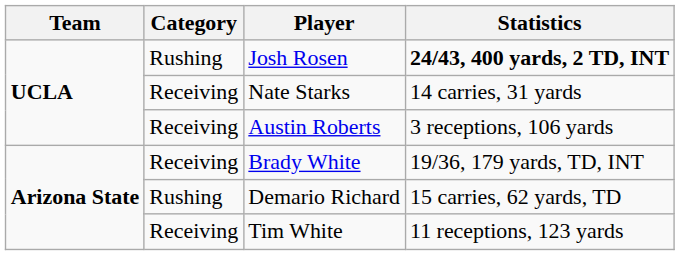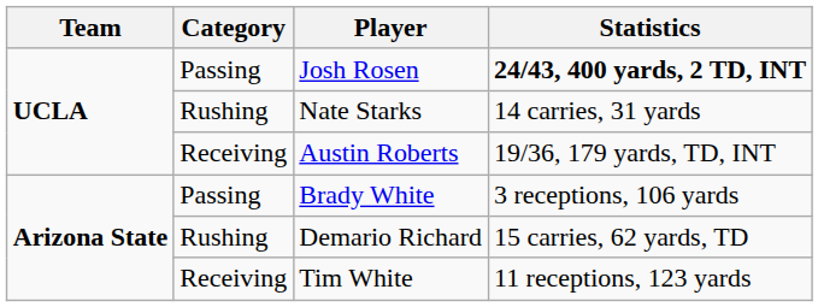 <table class="wikitable" style="float: right;">
 <tr>
 <th>Team</th>
 <th>Category</th>
 <th>Player</th>
 <th>Statistics</th>
 </tr>
 <tr>
 <td rowspan=3><strong>UCLA</strong></td>
-<td>Rushing</td>
+<td>Passing</td>
 <td><a href='#'>Josh Rosen</a></td>
 <td><strong>24/43, 400 yards, 2 TD, INT</strong></td>
 </tr>
 <tr>
-<td>Receiving</td>
+<td>Rushing</td>
 <td>Nate Starks</td>
 <td>14 carries, 31 yards</td>
 </tr>
 <tr>
 <td>Receiving</td>
 <td><a href='#'>Austin Roberts</a></td>
-<td>3 receptions, 106 yards</td>
+<td>19/36, 179 yards, TD, INT</td>
 </tr>
 <tr>
 <td rowspan=3><strong>Arizona State</strong></td>
-<td>Receiving</td>
+<td>Passing</td>
 <td><a href='#'>Brady White</a></td>
-<td>19/36, 179 yards, TD, INT</td>
+<td>3 receptions, 106 yards</td>
 </tr>
 <tr>
 <td>Rushing</td>
 <td>Demario Richard</td>
 <td>15 carries, 62 yards, TD</td>
 </tr>
 <tr>
 <td>Receiving</td>
 <td>Tim White</td>
 <td>11 receptions, 123 yards</td>
 </tr>
 </table>
